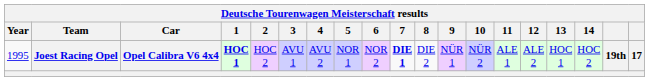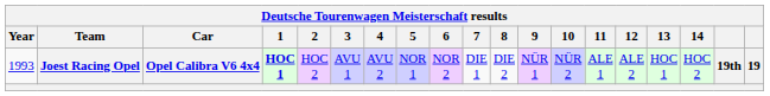 <table class="wikitable" style="text-align:center; font-size:85%">
 <tr>
 <th colspan=19><a href='#'>Deutsche Tourenwagen Meisterschaft</a> results</th>
 </tr>
 <tr>
 <th scope="col">Year</th>
 <th scope="col">Team</th>
 <th scope="col">Car</th>
 <th scope="col">1</th>
 <th scope="col">2</th>
 <th scope="col">3</th>
 <th scope="col">4</th>
 <th scope="col">5</th>
 <th scope="col">6</th>
 <th scope="col">7</th>
 <th scope="col">8</th>
 <th scope="col">9</th>
 <th scope="col">10</th>
 <th scope="col">11</th>
 <th scope="col">12</th>
 <th scope="col">13</th>
 <th scope="col">14</th>
 <th scope="col"></th>
 <th scope="col"></th>
 </tr>
 <tr>
-<td><a href='#'>1995</a></td>
+<td><a href='#'>1993</a></td>
 <th nowrap><a href='#'>Joest Racing Opel</a></th>
 <th nowrap><a href='#'>Opel Calibra V6 4x4</a></th>
 <td style="background:#DFFFDF;"><strong><a href='#'>HOC<br>1</a><br></strong></td>
 <td style="background:#EFCFFF;"><a href='#'>HOC<br>2</a><br></td>
 <td style="background:#CFCFFF;"><a href='#'>AVU<br>1</a><br></td>
 <td style="background:#CFCFFF;"><a href='#'>AVU<br>2</a><br></td>
 <td style="background:#CFCFFF;"><a href='#'>NOR<br>1</a><br></td>
 <td style="background:#EFCFFF;"><a href='#'>NOR<br>2</a><br></td>
-<td style="background"><strong><a href='#'>DIE<br>1</a></strong></td>
+<td style="background"><a href='#'>DIE<br>1</a></td>
 <td style="background"><a href='#'>DIE<br>2</a></td>
 <td style="background:#EFCFFF;"><a href='#'>NÜR<br>1</a><br></td>
 <td style="background:#CFCFFF;"><a href='#'>NÜR<br>2</a><br></td>
 <td style="background:#DFFFDF;"><a href='#'>ALE<br>1</a><br></td>
 <td style="background:#DFFFDF;"><a href='#'>ALE<br>2</a><br></td>
 <td style="background:#DFFFDF;"><a href='#'>HOC<br>1</a><br></td>
 <td style="background:#DFFFDF;"><a href='#'>HOC<br>2</a><br></td>
 <th>19th</th>
-<th>17</th>
+<th>19</th>
 </tr>
 <tr>
 <th colspan="19"></th>
 </tr>
 </table>
